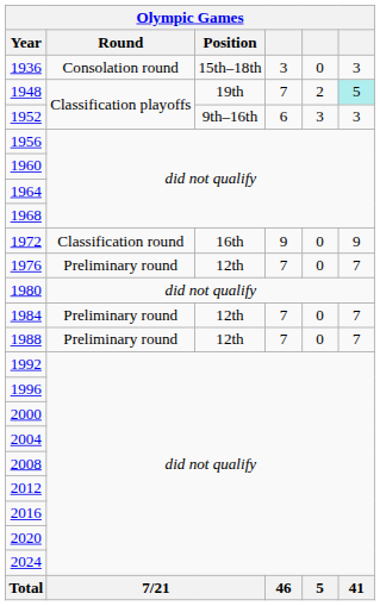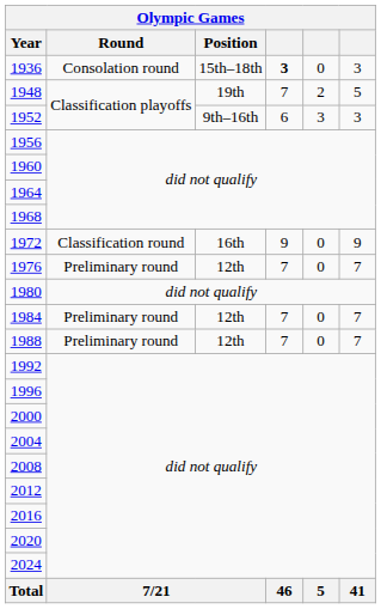 <table class="wikitable" style="text-align:center;">
 <tr>
 <th colspan="6"><a href='#'>Olympic Games</a></th>
 </tr>
 <tr>
 <th>Year</th>
 <th>Round</th>
 <th>Position</th>
 <th width="30"></th>
 <th width="30"></th>
 <th width="30"></th>
 </tr>
 <tr>
 <td> <a href='#'>1936</a></td>
 <td>Consolation round</td>
 <td>15th–18th</td>
-<td>3</td>
+<td><strong>3</strong></td>
 <td>0</td>
 <td>3</td>
 </tr>
 <tr>
 <td> <a href='#'>1948</a></td>
 <td rowspan="2">Classification playoffs</td>
 <td>19th</td>
 <td>7</td>
 <td>2</td>
-<td style="background: paleturquoise;">5</td>
+<td>5</td>
 </tr>
 <tr>
 <td> <a href='#'>1952</a></td>
 <td>9th–16th</td>
 <td>6</td>
 <td>3</td>
 <td>3</td>
 </tr>
 <tr>
 <td> <a href='#'>1956</a></td>
 <td colspan="5" rowspan="4"><em>did not qualify</em></td>
 </tr>
 <tr>
 <td> <a href='#'>1960</a></td>
 </tr>
 <tr>
 <td> <a href='#'>1964</a></td>
 </tr>
 <tr>
 <td> <a href='#'>1968</a></td>
 </tr>
 <tr>
 <td> <a href='#'>1972</a></td>
 <td>Classification round</td>
 <td>16th</td>
 <td>9</td>
 <td>0</td>
 <td>9</td>
 </tr>
 <tr>
 <td> <a href='#'>1976</a></td>
 <td>Preliminary round</td>
 <td>12th</td>
 <td>7</td>
 <td>0</td>
 <td>7</td>
 </tr>
 <tr>
 <td> <a href='#'>1980</a></td>
 <td colspan="5"><em>did not qualify</em></td>
 </tr>
 <tr>
 <td> <a href='#'>1984</a></td>
 <td>Preliminary round</td>
 <td>12th</td>
 <td>7</td>
 <td>0</td>
 <td>7</td>
 </tr>
 <tr>
 <td> <a href='#'>1988</a></td>
 <td>Preliminary round</td>
 <td>12th</td>
 <td>7</td>
 <td>0</td>
 <td>7</td>
 </tr>
 <tr>
 <td> <a href='#'>1992</a></td>
 <td colspan="5" rowspan="9"><em>did not qualify</em></td>
 </tr>
 <tr>
 <td> <a href='#'>1996</a></td>
 </tr>
 <tr>
 <td> <a href='#'>2000</a></td>
 </tr>
 <tr>
 <td> <a href='#'>2004</a></td>
 </tr>
 <tr>
 <td> <a href='#'>2008</a></td>
 </tr>
 <tr>
 <td> <a href='#'>2012</a></td>
 </tr>
 <tr>
 <td> <a href='#'>2016</a></td>
 </tr>
 <tr>
 <td> <a href='#'>2020</a></td>
 </tr>
 <tr>
 <td> <a href='#'>2024</a></td>
 </tr>
 <tr>
 <th>Total</th>
 <th colspan="2">7/21</th>
 <th>46</th>
 <th>5</th>
 <th>41</th>
 </tr>
 </table>
